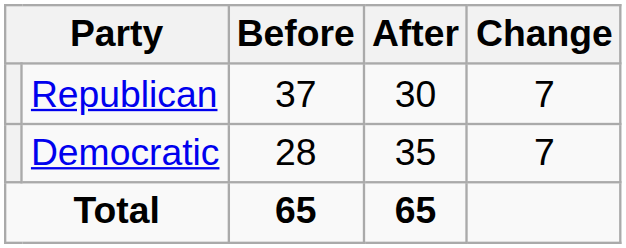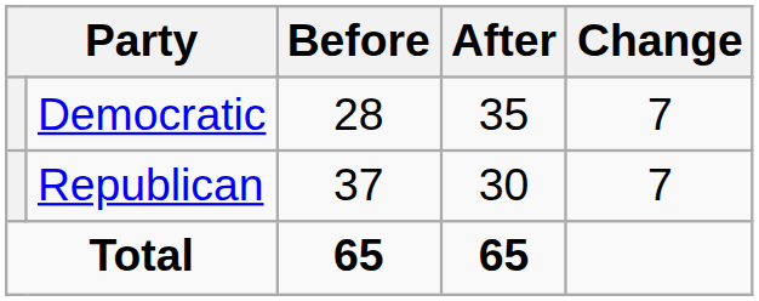 <table class="wikitable" style="text-align:center;">
 <tr>
 <th colspan="2">Party</th>
 <th>Before</th>
 <th>After</th>
 <th>Change</th>
 </tr>
 <tr>
 <th style="background-color:"></th>
-<td style="text-align:left;"><a href='#'>Republican</a></td>
-<td>37</td>
-<td>30</td>
+<td style="text-align:left;"><a href='#'>Democratic</a></td>
+<td>28</td>
+<td>35</td>
 <td> 7</td>
 </tr>
 <tr>
 <th style="background-color:"></th>
-<td style="text-align:left;"><a href='#'>Democratic</a></td>
-<td>28</td>
-<td>35</td>
+<td style="text-align:left;"><a href='#'>Republican</a></td>
+<td>37</td>
+<td>30</td>
 <td> 7</td>
 </tr>
 <tr>
 <td colspan="2"><strong>Total</strong></td>
 <td><strong>65</strong></td>
 <td><strong>65</strong></td>
 <td></td>
 </tr>
 </table>
